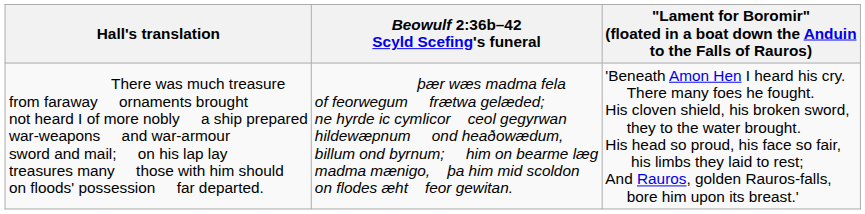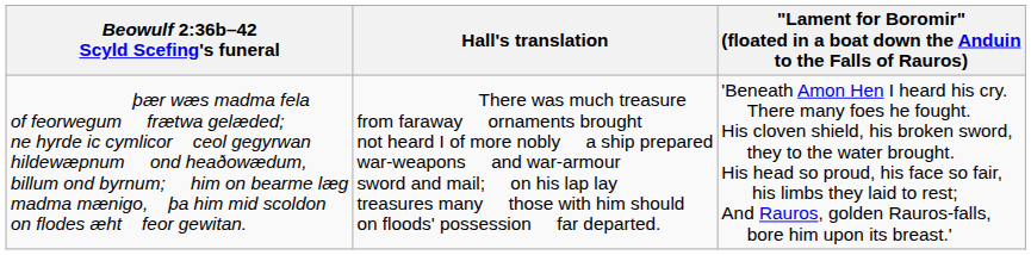 <table style="margin-left: auto; margin-right: auto; border: none;" class="wikitable">
 <tr>
+<th><em>Beowulf</em> 2:36b–42<br><a href='#'>Scyld Scefing</a>'s funeral</th>
 <th>Hall's translation</th>
-<th><em>Beowulf</em> 2:36b–42<br><a href='#'>Scyld Scefing</a>'s funeral</th>
 <th>"Lament for Boromir"<br>(floated in a boat down the <a href='#'>Anduin</a><br>to the Falls of Rauros)</th>
 </tr>
 <tr>
+<td><em>                        þær wæs madma fela<br>of feorwegum     frætwa gelæded;<br>ne hyrde ic cymlicor     ceol gegyrwan<br>hildewæpnum     ond heaðowædum,<br>billum ond byrnum;     him on bearme læg<br>madma mænigo,    þa him mid scoldon<br>on flodes æht    feor gewitan.</em></td>
 <td>                        There was much treasure<br>from faraway     ornaments brought<br>not heard I of more nobly     a ship prepared<br>war-weapons     and war-armour<br>sword and mail;     on his lap lay<br>treasures many     those with him should<br>on floods' possession     far departed.</td>
-<td><em>                        þær wæs madma fela<br>of feorwegum     frætwa gelæded;<br>ne hyrde ic cymlicor     ceol gegyrwan<br>hildewæpnum     ond heaðowædum,<br>billum ond byrnum;     him on bearme læg<br>madma mænigo,    þa him mid scoldon<br>on flodes æht    feor gewitan.</em></td>
 <td>'Beneath <a href='#'>Amon Hen</a> I heard his cry.<br>     There many foes he fought.<br>His cloven shield, his broken sword,<br>     they to the water brought.<br>His head so proud, his face so fair,<br>      his limbs they laid to rest;<br>And <a href='#'>Rauros</a>, golden Rauros-falls,<br>     bore him upon its breast.'</td>
 </tr>
 </table>
